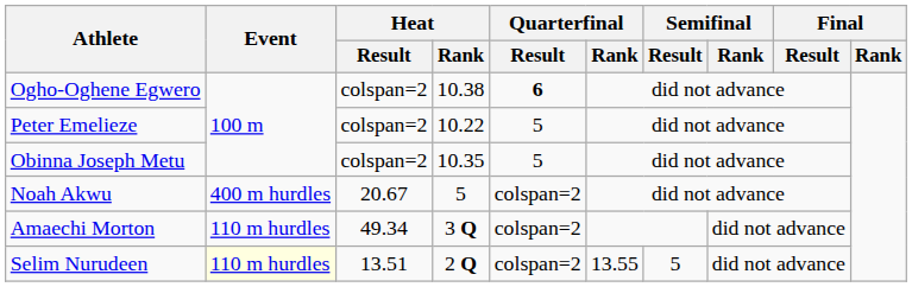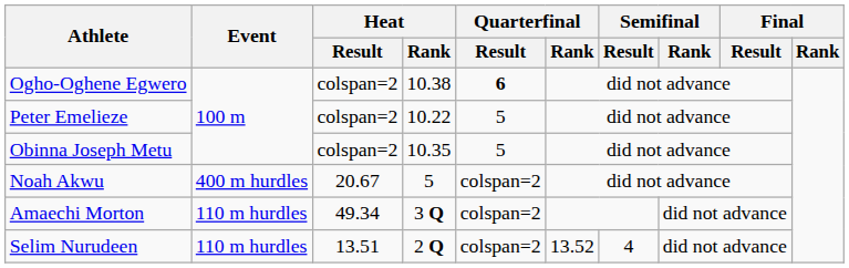 <table class="wikitable" style="font-size:90%">
 <tr>
 <th rowspan="2">Athlete</th>
 <th rowspan="2">Event</th>
 <th colspan="2">Heat</th>
 <th colspan="2">Quarterfinal</th>
 <th colspan="2">Semifinal</th>
 <th colspan="2">Final</th>
 </tr>
 <tr style="font-size:95%">
 <th>Result</th>
 <th>Rank</th>
 <th>Result</th>
 <th>Rank</th>
 <th>Result</th>
 <th>Rank</th>
 <th>Result</th>
 <th>Rank</th>
 </tr>
 <tr align=center>
 <td align=left><a href='#'>Ogho-Oghene Egwero</a></td>
 <td align=left rowspan=3><a href='#'>100 m</a></td>
 <td>colspan=2 </td>
 <td>10.38</td>
 <td><strong>6</strong></td>
 <td colspan=4>did not advance</td>
 </tr>
 <tr align=center>
 <td align=left><a href='#'>Peter Emelieze</a></td>
 <td>colspan=2 </td>
 <td>10.22</td>
 <td>5</td>
 <td colspan=4>did not advance</td>
 </tr>
 <tr align=center>
 <td align=left><a href='#'>Obinna Joseph Metu</a></td>
 <td>colspan=2 </td>
 <td>10.35</td>
 <td>5</td>
 <td colspan=4>did not advance</td>
 </tr>
 <tr align=center>
 <td align=left><a href='#'>Noah Akwu</a></td>
 <td align=left><a href='#'>400 m hurdles</a></td>
 <td>20.67</td>
 <td>5</td>
 <td>colspan=2 </td>
 <td colspan="4">did not advance</td>
 </tr>
 <tr align=center>
 <td align=left><a href='#'>Amaechi Morton</a></td>
 <td align=left><a href='#'>110 m hurdles</a></td>
 <td>49.34</td>
 <td>3 <strong>Q</strong></td>
 <td>colspan=2 </td>
 <td colspan=2></td>
 <td colspan=2>did not advance</td>
 </tr>
 <tr align=center>
 <td align=left><a href='#'>Selim Nurudeen</a></td>
-<td align=left style="background: lightyellow;"><a href='#'>110 m hurdles</a></td>
+<td align=left><a href='#'>110 m hurdles</a></td>
 <td>13.51</td>
 <td>2 <strong>Q</strong></td>
 <td>colspan=2 </td>
-<td>13.55</td>
-<td>5</td>
+<td>13.52</td>
+<td>4</td>
 <td colspan=2>did not advance</td>
 </tr>
 </table>
